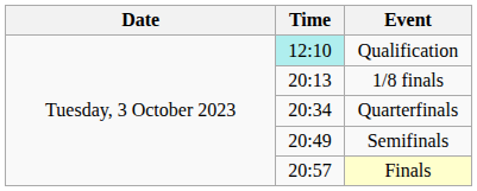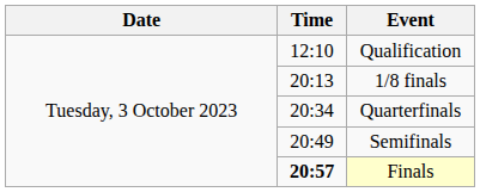 <table class = "wikitable" style="text-align:center;">
 <tr>
 <th width=220>Date</th>
 <th width=50>Time</th>
 <th width=100>Event</th>
 </tr>
 <tr>
 <td rowspan=5>Tuesday, 3 October 2023</td>
-<td style="background: paleturquoise;">12:10</td>
+<td>12:10</td>
 <td>Qualification</td>
 </tr>
 <tr>
 <td>20:13</td>
 <td>1/8 finals</td>
 </tr>
 <tr>
 <td>20:34</td>
 <td>Quarterfinals</td>
 </tr>
 <tr>
 <td>20:49</td>
 <td>Semifinals</td>
 </tr>
 <tr>
-<td>20:57</td>
+<td><strong>20:57</strong></td>
 <td bgcolor=ffffcc>Finals</td>
 </tr>
 </table>
